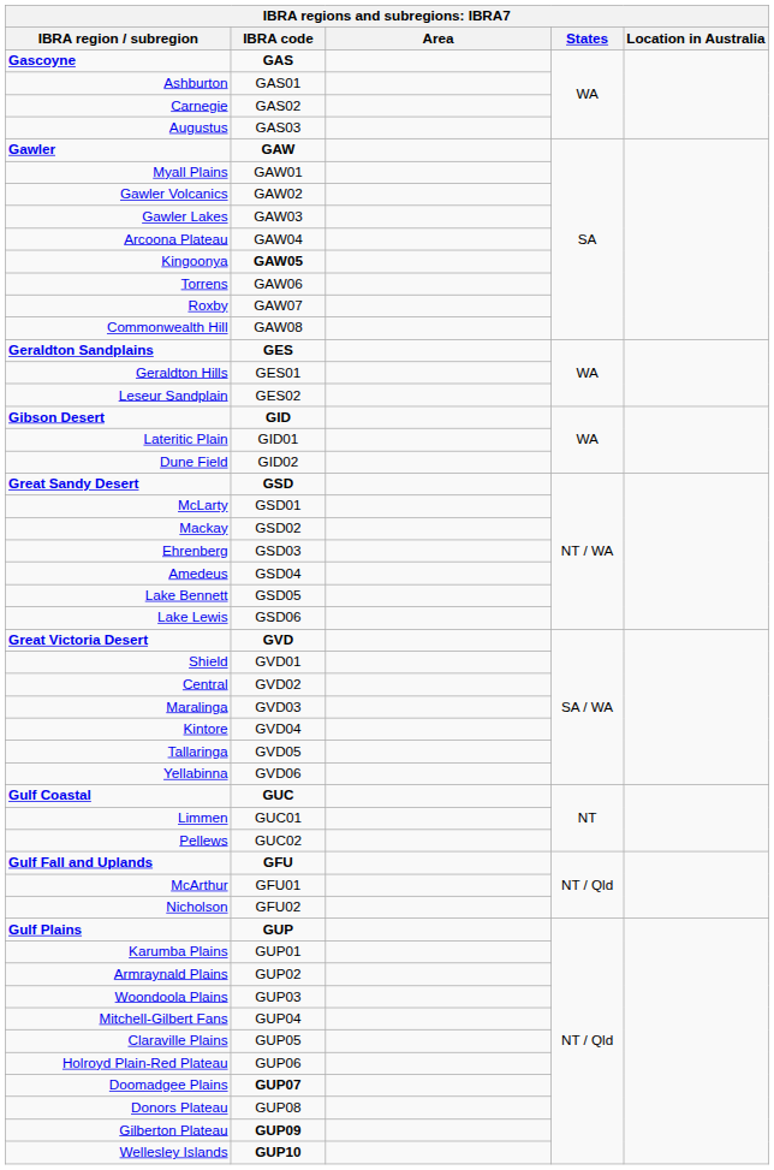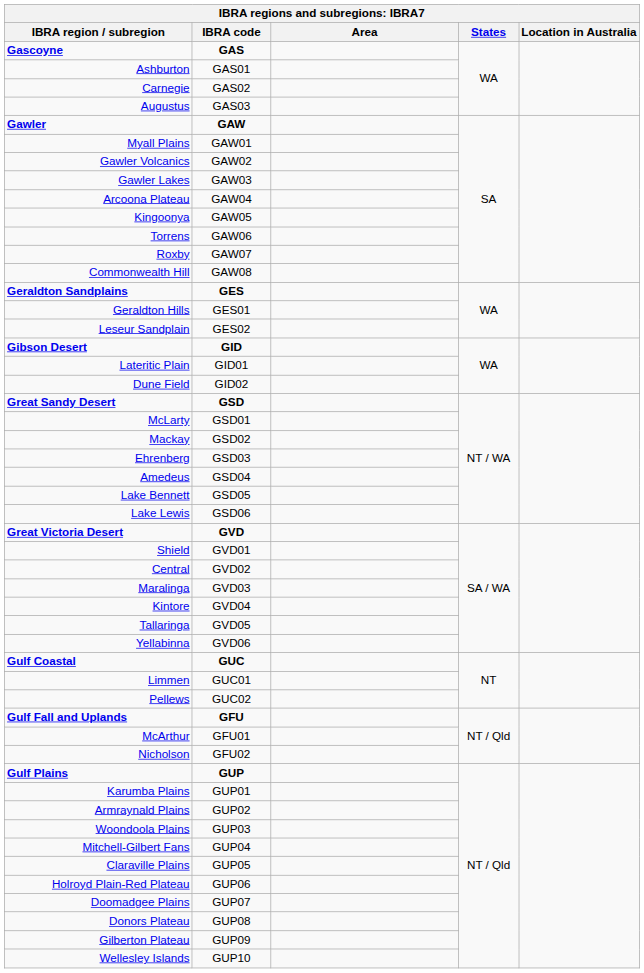 <table class="wikitable sortable">
 <tr>
 <th rowwidth=100px colspan=5>IBRA regions and subregions: IBRA7</th>
 </tr>
 <tr>
 <th scope="col" style="width:250px;">IBRA region / subregion</th>
 <th scope="col" style="width:100px;">IBRA code</th>
 <th scope="col" style="width:250px;">Area</th>
 <th scope="col" style="width:75px;"><a href='#'>States</a></th>
 <th>Location in Australia</th>
 </tr>
 <tr>
 <td><strong><a href='#'>Gascoyne</a></strong></td>
 <td style="text-align:center;"><strong>GAS</strong></td>
 <td align="right"><strong></strong></td>
 <td style="text-align:center;" rowspan="4">WA</td>
 <td style="text-align:center;" rowspan="4"></td>
 </tr>
 <tr>
 <td align="right"><a href='#'>Ashburton</a></td>
 <td style="text-align:center;">GAS01</td>
 <td align="right"></td>
 </tr>
 <tr>
 <td align="right"><a href='#'>Carnegie</a></td>
 <td style="text-align:center;">GAS02</td>
 <td align="right"></td>
 </tr>
 <tr>
 <td align="right"><a href='#'>Augustus</a></td>
 <td style="text-align:center;">GAS03</td>
 <td align="right"></td>
 </tr>
 <tr>
 <td><strong><a href='#'>Gawler</a></strong></td>
 <td style="text-align:center;"><strong>GAW</strong></td>
 <td align="right"><strong></strong></td>
 <td style="text-align:center;" rowspan="9">SA</td>
 <td style="text-align:center;" rowspan="9"></td>
 </tr>
 <tr>
 <td align="right"><a href='#'>Myall Plains</a></td>
 <td style="text-align:center;">GAW01</td>
 <td align="right"></td>
 </tr>
 <tr>
 <td align="right"><a href='#'>Gawler Volcanics</a></td>
 <td style="text-align:center;">GAW02</td>
 <td align="right"></td>
 </tr>
 <tr>
 <td align="right"><a href='#'>Gawler Lakes</a></td>
 <td style="text-align:center;">GAW03</td>
 <td align="right"></td>
 </tr>
 <tr>
 <td align="right"><a href='#'>Arcoona Plateau</a></td>
 <td style="text-align:center;">GAW04</td>
 <td align="right"></td>
 </tr>
 <tr>
 <td align="right"><a href='#'>Kingoonya</a></td>
-<td style="text-align:center;"><strong>GAW05</strong></td>
+<td style="text-align:center;">GAW05</td>
 <td align="right"></td>
 </tr>
 <tr>
 <td align="right"><a href='#'>Torrens</a></td>
 <td style="text-align:center;">GAW06</td>
 <td align="right"></td>
 </tr>
 <tr>
 <td align="right"><a href='#'>Roxby</a></td>
 <td style="text-align:center;">GAW07</td>
 <td align="right"></td>
 </tr>
 <tr>
 <td align="right"><a href='#'>Commonwealth Hill</a></td>
 <td style="text-align:center;">GAW08</td>
 <td align="right"></td>
 </tr>
 <tr>
 <td><strong><a href='#'>Geraldton Sandplains</a></strong></td>
 <td style="text-align:center;"><strong>GES</strong></td>
 <td align="right"><strong></strong></td>
 <td style="text-align:center;" rowspan="3">WA</td>
 <td style="text-align:center;" rowspan="3"></td>
 </tr>
 <tr>
 <td align="right"><a href='#'>Geraldton Hills</a></td>
 <td style="text-align:center;">GES01</td>
 <td align="right"></td>
 </tr>
 <tr>
 <td align="right"><a href='#'>Leseur Sandplain</a></td>
 <td style="text-align:center;">GES02</td>
 <td align="right"></td>
 </tr>
 <tr>
 <td><strong><a href='#'>Gibson Desert</a></strong></td>
 <td style="text-align:center;"><strong>GID</strong></td>
 <td align="right"><strong></strong></td>
 <td style="text-align:center;" rowspan="3">WA</td>
 <td style="text-align:center;" rowspan="3"></td>
 </tr>
 <tr>
 <td align="right"><a href='#'>Lateritic Plain</a></td>
 <td style="text-align:center;">GID01</td>
 <td align="right"></td>
 </tr>
 <tr>
 <td align="right"><a href='#'>Dune Field</a></td>
 <td style="text-align:center;">GID02</td>
 <td align="right"></td>
 </tr>
 <tr>
 <td><strong><a href='#'>Great Sandy Desert</a></strong></td>
 <td style="text-align:center;"><strong>GSD</strong></td>
 <td align="right"><strong></strong></td>
 <td style="text-align:center;" rowspan="7">NT / WA</td>
 <td style="text-align:center;" rowspan="7"></td>
 </tr>
 <tr>
 <td align="right"><a href='#'>McLarty</a></td>
 <td style="text-align:center;">GSD01</td>
 <td align="right"></td>
 </tr>
 <tr>
 <td align="right"><a href='#'>Mackay</a></td>
 <td style="text-align:center;">GSD02</td>
 <td align="right"></td>
 </tr>
 <tr>
 <td align="right"><a href='#'>Ehrenberg</a></td>
 <td style="text-align:center;">GSD03</td>
 <td align="right"></td>
 </tr>
 <tr>
 <td align="right"><a href='#'>Amedeus</a></td>
 <td style="text-align:center;">GSD04</td>
 <td align="right"></td>
 </tr>
 <tr>
 <td align="right"><a href='#'>Lake Bennett</a></td>
 <td style="text-align:center;">GSD05</td>
 <td align="right"></td>
 </tr>
 <tr>
 <td align="right"><a href='#'>Lake Lewis</a></td>
 <td style="text-align:center;">GSD06</td>
 <td align="right"></td>
 </tr>
 <tr>
 <td><strong><a href='#'>Great Victoria Desert</a></strong></td>
 <td style="text-align:center;"><strong>GVD</strong></td>
 <td align="right"><strong></strong></td>
 <td style="text-align:center;" rowspan="7">SA / WA</td>
 <td style="text-align:center;" rowspan="7"></td>
 </tr>
 <tr>
 <td align="right"><a href='#'>Shield</a></td>
 <td style="text-align:center;">GVD01</td>
 <td align="right"></td>
 </tr>
 <tr>
 <td align="right"><a href='#'>Central</a></td>
 <td style="text-align:center;">GVD02</td>
 <td align="right"></td>
 </tr>
 <tr>
 <td align="right"><a href='#'>Maralinga</a></td>
 <td style="text-align:center;">GVD03</td>
 <td align="right"></td>
 </tr>
 <tr>
 <td align="right"><a href='#'>Kintore</a></td>
 <td style="text-align:center;">GVD04</td>
 <td align="right"></td>
 </tr>
 <tr>
 <td align="right"><a href='#'>Tallaringa</a></td>
 <td style="text-align:center;">GVD05</td>
 <td align="right"></td>
 </tr>
 <tr>
 <td align="right"><a href='#'>Yellabinna</a></td>
 <td style="text-align:center;">GVD06</td>
 <td align="right"></td>
 </tr>
 <tr>
 <td><strong><a href='#'>Gulf Coastal</a></strong></td>
 <td style="text-align:center;"><strong>GUC</strong></td>
 <td align="right"><strong></strong></td>
 <td style="text-align:center;" rowspan="3">NT</td>
 <td style="text-align:center;" rowspan="3"></td>
 </tr>
 <tr>
 <td align="right"><a href='#'>Limmen</a></td>
 <td style="text-align:center;">GUC01</td>
 <td align="right"></td>
 </tr>
 <tr>
 <td align="right"><a href='#'>Pellews</a></td>
 <td style="text-align:center;">GUC02</td>
 <td align="right"></td>
 </tr>
 <tr>
 <td><strong><a href='#'>Gulf Fall and Uplands</a></strong></td>
 <td style="text-align:center;"><strong>GFU</strong></td>
 <td align="right"><strong></strong></td>
 <td style="text-align:center;" rowspan="3">NT / Qld</td>
 <td style="text-align:center;" rowspan="3"></td>
 </tr>
 <tr>
 <td align="right"><a href='#'>McArthur</a></td>
 <td style="text-align:center;">GFU01</td>
 <td align="right"></td>
 </tr>
 <tr>
 <td align="right"><a href='#'>Nicholson</a></td>
 <td style="text-align:center;">GFU02</td>
 <td align="right"></td>
 </tr>
 <tr>
 <td><strong><a href='#'>Gulf Plains</a></strong></td>
 <td style="text-align:center;"><strong>GUP</strong></td>
 <td align="right"><strong></strong></td>
 <td style="text-align:center;" rowspan="11">NT / Qld</td>
 <td style="text-align:center;" rowspan="11"></td>
 </tr>
 <tr>
 <td align="right"><a href='#'>Karumba Plains</a></td>
 <td style="text-align:center;">GUP01</td>
 <td align="right"></td>
 </tr>
 <tr>
 <td align="right"><a href='#'>Armraynald Plains</a></td>
 <td style="text-align:center;">GUP02</td>
 <td align="right"></td>
 </tr>
 <tr>
 <td align="right"><a href='#'>Woondoola Plains</a></td>
 <td style="text-align:center;">GUP03</td>
 <td align="right"></td>
 </tr>
 <tr>
 <td align="right"><a href='#'>Mitchell-Gilbert Fans</a></td>
 <td style="text-align:center;">GUP04</td>
 <td align="right"></td>
 </tr>
 <tr>
 <td align="right"><a href='#'>Claraville Plains</a></td>
 <td style="text-align:center;">GUP05</td>
 <td align="right"></td>
 </tr>
 <tr>
 <td align="right"><a href='#'>Holroyd Plain-Red Plateau</a></td>
 <td style="text-align:center;">GUP06</td>
 <td align="right"></td>
 </tr>
 <tr>
 <td align="right"><a href='#'>Doomadgee Plains</a></td>
-<td style="text-align:center;"><strong>GUP07</strong></td>
+<td style="text-align:center;">GUP07</td>
 <td align="right"></td>
 </tr>
 <tr>
 <td align="right"><a href='#'>Donors Plateau</a></td>
 <td style="text-align:center;">GUP08</td>
 <td align="right"></td>
 </tr>
 <tr>
 <td align="right"><a href='#'>Gilberton Plateau</a></td>
-<td style="text-align:center;"><strong>GUP09</strong></td>
+<td style="text-align:center;">GUP09</td>
 <td align="right"></td>
 </tr>
 <tr>
 <td align="right"><a href='#'>Wellesley Islands</a></td>
-<td style="text-align:center;"><strong>GUP10</strong></td>
+<td style="text-align:center;">GUP10</td>
 <td align="right"></td>
 </tr>
 </table>
